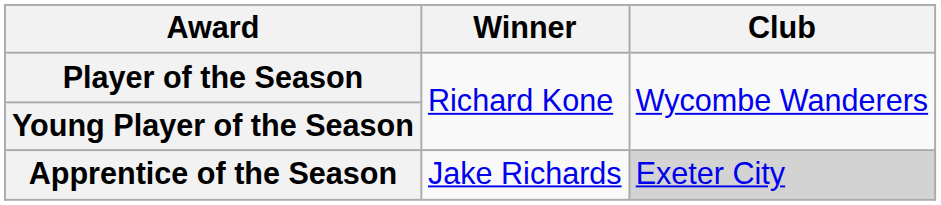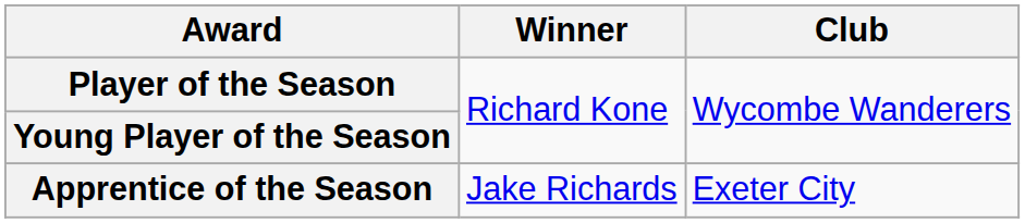 <table class="wikitable">
 <tr>
 <th>Award</th>
 <th>Winner</th>
 <th>Club</th>
 </tr>
 <tr>
 <th>Player of the Season</th>
 <td rowspan="2"> <a href='#'>Richard Kone</a></td>
 <td rowspan="2"><a href='#'>Wycombe Wanderers</a></td>
 </tr>
 <tr>
 <th>Young Player of the Season</th>
 </tr>
 <tr>
 <th>Apprentice of the Season</th>
 <td> <a href='#'>Jake Richards</a></td>
-<td style="background: lightgrey;"><a href='#'>Exeter City</a></td>
+<td><a href='#'>Exeter City</a></td>
 </tr>
 </table>
